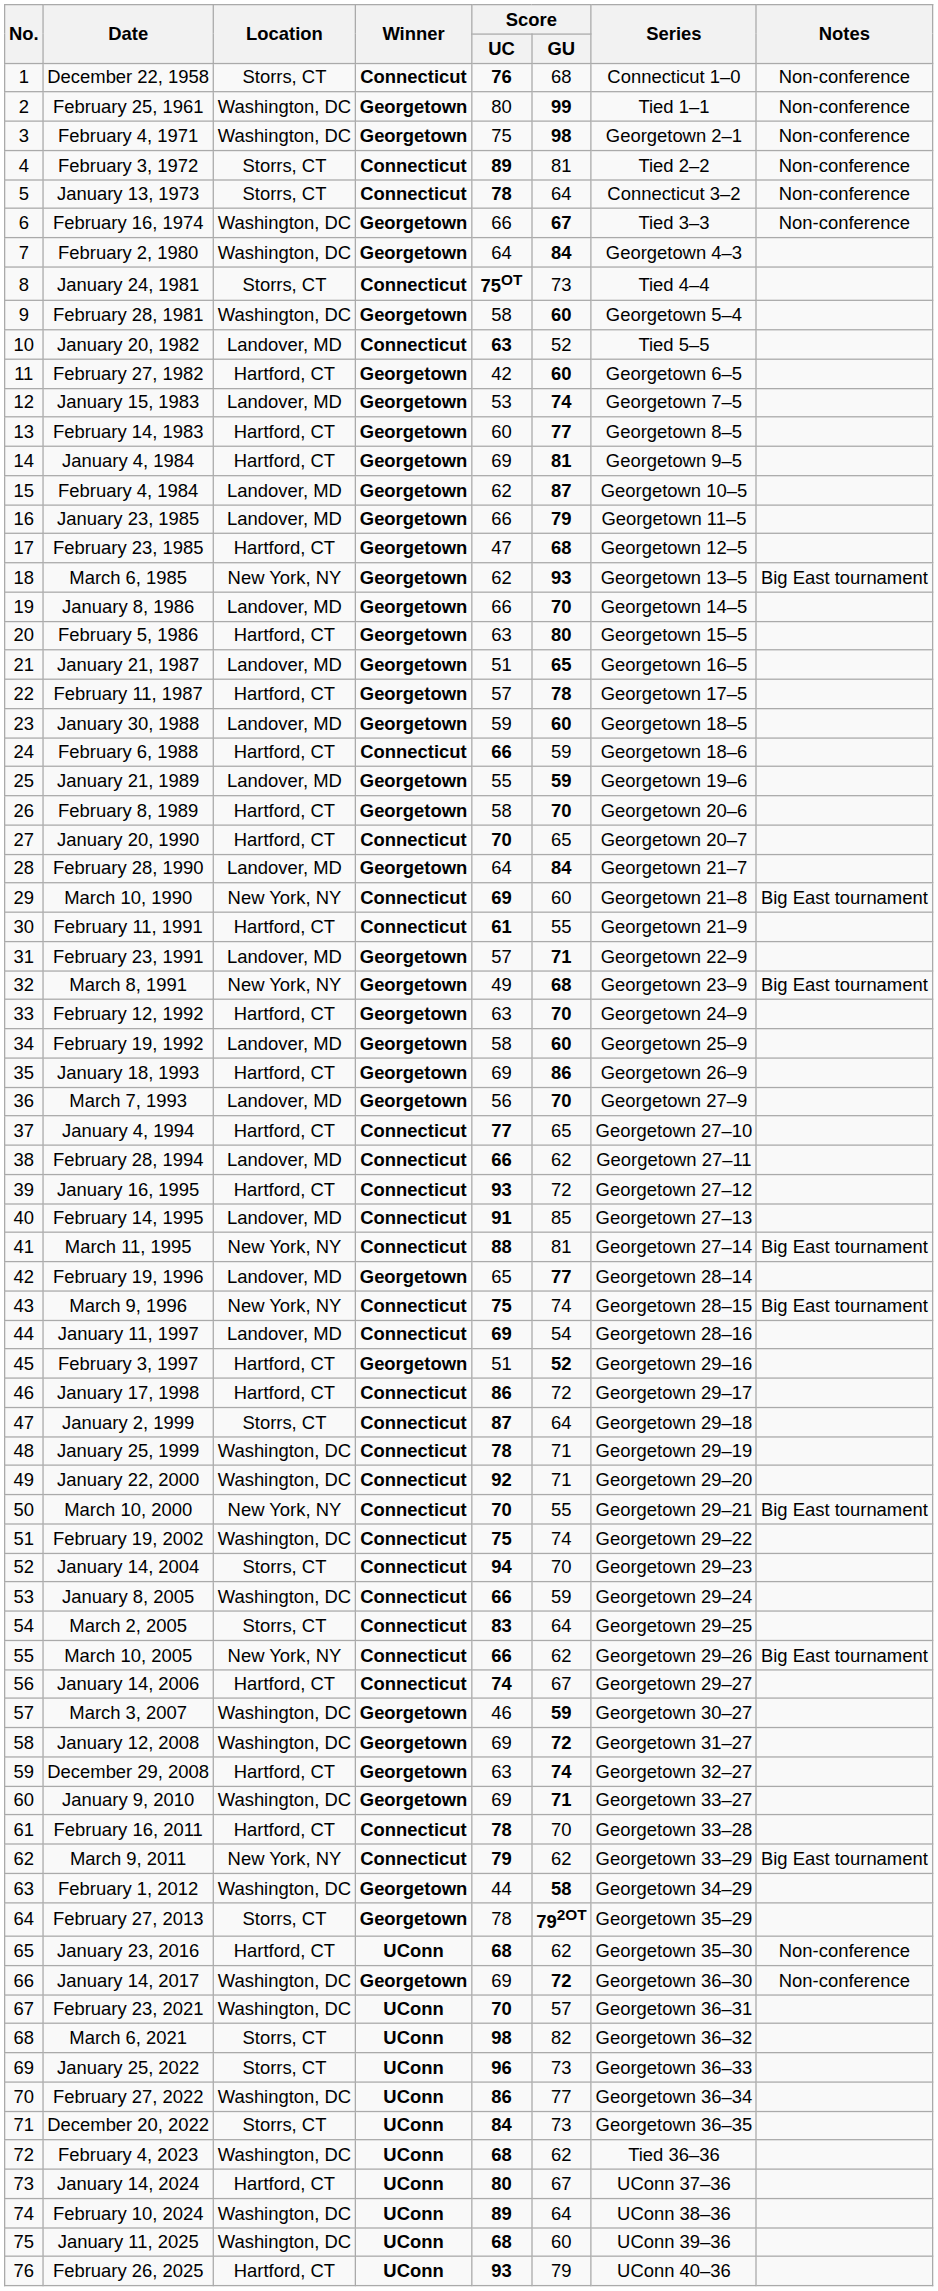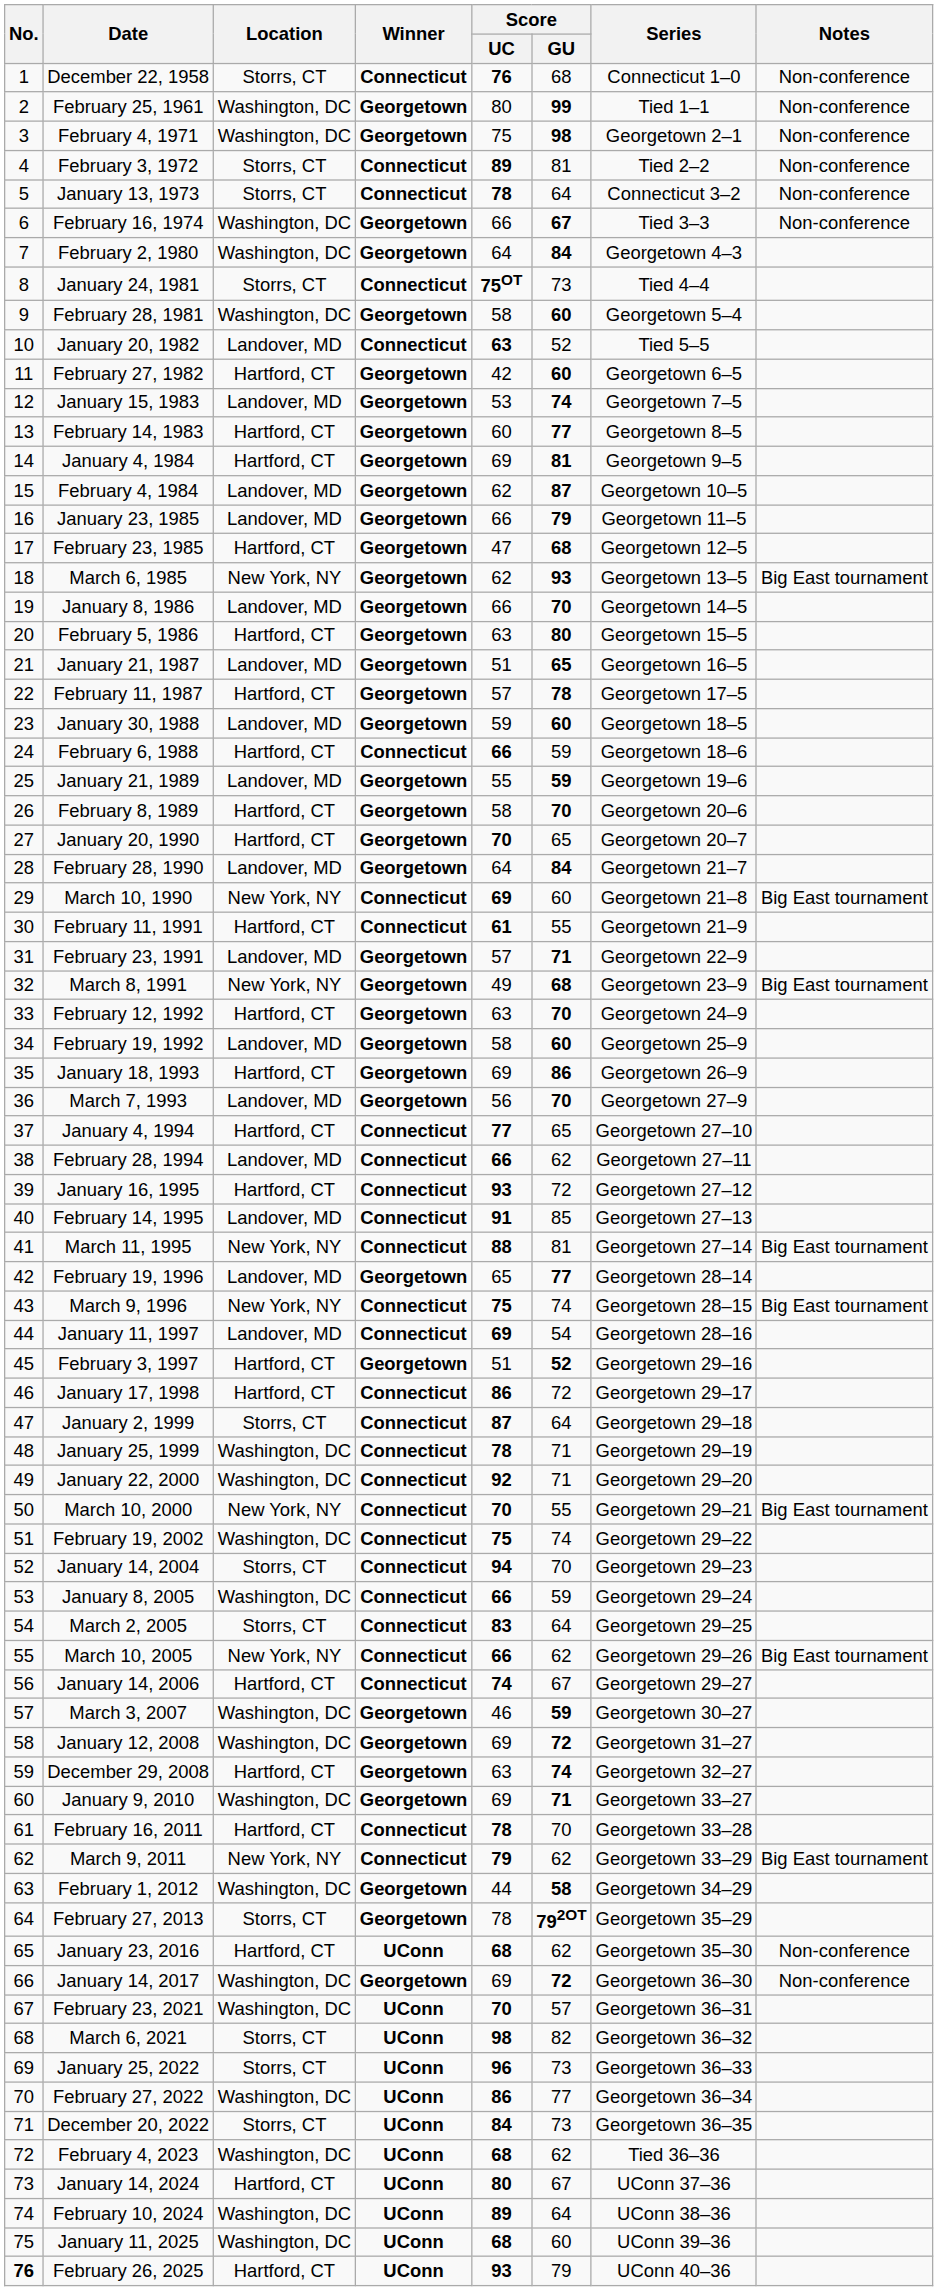 <table class="wikitable" style="text-align:center; font-size:90%">
 <tr>
 <th rowspan="2">No.</th>
 <th rowspan="2">Date</th>
 <th rowspan="2">Location</th>
 <th rowspan="2">Winner</th>
 <th colspan="2">Score</th>
 <th rowspan="2">Series</th>
 <th rowspan="2">Notes</th>
 </tr>
 <tr>
 <th width=40>UC</th>
 <th width=40>GU</th>
 </tr>
 <tr>
 <td>1</td>
 <td>December 22, 1958</td>
 <td>Storrs, CT</td>
 <td><strong>Connecticut</strong></td>
 <td><strong>76</strong></td>
 <td>68</td>
 <td>Connecticut 1–0</td>
 <td>Non-conference</td>
 </tr>
 <tr>
 <td>2</td>
 <td>February 25, 1961</td>
 <td>Washington, DC</td>
 <td><strong>Georgetown</strong></td>
 <td>80</td>
 <td><strong>99</strong></td>
 <td>Tied 1–1</td>
 <td>Non-conference</td>
 </tr>
 <tr>
 <td>3</td>
 <td>February 4, 1971</td>
 <td>Washington, DC</td>
 <td><strong>Georgetown</strong></td>
 <td>75</td>
 <td><strong>98</strong></td>
 <td>Georgetown 2–1</td>
 <td>Non-conference</td>
 </tr>
 <tr>
 <td>4</td>
 <td>February 3, 1972</td>
 <td>Storrs, CT</td>
 <td><strong>Connecticut</strong></td>
 <td><strong>89</strong></td>
 <td>81</td>
 <td>Tied 2–2</td>
 <td>Non-conference</td>
 </tr>
 <tr>
 <td>5</td>
 <td>January 13, 1973</td>
 <td>Storrs, CT</td>
 <td><strong>Connecticut</strong></td>
 <td><strong>78</strong></td>
 <td>64</td>
 <td>Connecticut 3–2</td>
 <td>Non-conference</td>
 </tr>
 <tr>
 <td>6</td>
 <td>February 16, 1974</td>
 <td>Washington, DC</td>
 <td><strong>Georgetown</strong></td>
 <td>66</td>
 <td><strong>67</strong></td>
 <td>Tied 3–3</td>
 <td>Non-conference</td>
 </tr>
 <tr>
 <td>7</td>
 <td>February 2, 1980</td>
 <td>Washington, DC</td>
 <td><strong>Georgetown</strong></td>
 <td>64</td>
 <td><strong>84</strong></td>
 <td>Georgetown 4–3</td>
 <td></td>
 </tr>
 <tr>
 <td>8</td>
 <td>January 24, 1981</td>
 <td>Storrs, CT</td>
 <td><strong>Connecticut</strong></td>
 <td><strong>75<sup>OT</sup></strong></td>
 <td>73</td>
 <td>Tied 4–4</td>
 <td></td>
 </tr>
 <tr>
 <td>9</td>
 <td>February 28, 1981</td>
 <td>Washington, DC</td>
 <td><strong>Georgetown</strong></td>
 <td>58</td>
 <td><strong>60</strong></td>
 <td>Georgetown 5–4</td>
 <td></td>
 </tr>
 <tr>
 <td>10</td>
 <td>January 20, 1982</td>
 <td>Landover, MD</td>
 <td><strong>Connecticut</strong></td>
 <td><strong>63</strong></td>
 <td>52</td>
 <td>Tied 5–5</td>
 <td></td>
 </tr>
 <tr>
 <td>11</td>
 <td>February 27, 1982</td>
 <td>Hartford, CT</td>
 <td><strong>Georgetown</strong></td>
 <td>42</td>
 <td><strong>60</strong></td>
 <td>Georgetown 6–5</td>
 <td></td>
 </tr>
 <tr>
 <td>12</td>
 <td>January 15, 1983</td>
 <td>Landover, MD</td>
 <td><strong>Georgetown</strong></td>
 <td>53</td>
 <td><strong>74</strong></td>
 <td>Georgetown 7–5</td>
 <td></td>
 </tr>
 <tr>
 <td>13</td>
 <td>February 14, 1983</td>
 <td>Hartford, CT</td>
 <td><strong>Georgetown</strong></td>
 <td>60</td>
 <td><strong>77</strong></td>
 <td>Georgetown 8–5</td>
 <td></td>
 </tr>
 <tr>
 <td>14</td>
 <td>January 4, 1984</td>
 <td>Hartford, CT</td>
 <td><strong>Georgetown</strong></td>
 <td>69</td>
 <td><strong>81</strong></td>
 <td>Georgetown 9–5</td>
 <td></td>
 </tr>
 <tr>
 <td>15</td>
 <td>February 4, 1984</td>
 <td>Landover, MD</td>
 <td><strong>Georgetown</strong></td>
 <td>62</td>
 <td><strong>87</strong></td>
 <td>Georgetown 10–5</td>
 <td></td>
 </tr>
 <tr>
 <td>16</td>
 <td>January 23, 1985</td>
 <td>Landover, MD</td>
 <td><strong>Georgetown</strong></td>
 <td>66</td>
 <td><strong>79</strong></td>
 <td>Georgetown 11–5</td>
 <td></td>
 </tr>
 <tr>
 <td>17</td>
 <td>February 23, 1985</td>
 <td>Hartford, CT</td>
 <td><strong>Georgetown</strong></td>
 <td>47</td>
 <td><strong>68</strong></td>
 <td>Georgetown 12–5</td>
 <td></td>
 </tr>
 <tr>
 <td>18</td>
 <td>March 6, 1985</td>
 <td>New York, NY</td>
 <td><strong>Georgetown</strong></td>
 <td>62</td>
 <td><strong>93</strong></td>
 <td>Georgetown 13–5</td>
 <td>Big East tournament</td>
 </tr>
 <tr>
 <td>19</td>
 <td>January 8, 1986</td>
 <td>Landover, MD</td>
 <td><strong>Georgetown</strong></td>
 <td>66</td>
 <td><strong>70</strong></td>
 <td>Georgetown 14–5</td>
 <td></td>
 </tr>
 <tr>
 <td>20</td>
 <td>February 5, 1986</td>
 <td>Hartford, CT</td>
 <td><strong>Georgetown</strong></td>
 <td>63</td>
 <td><strong>80</strong></td>
 <td>Georgetown 15–5</td>
 <td></td>
 </tr>
 <tr>
 <td>21</td>
 <td>January 21, 1987</td>
 <td>Landover, MD</td>
 <td><strong>Georgetown</strong></td>
 <td>51</td>
 <td><strong>65</strong></td>
 <td>Georgetown 16–5</td>
 <td></td>
 </tr>
 <tr>
 <td>22</td>
 <td>February 11, 1987</td>
 <td>Hartford, CT</td>
 <td><strong>Georgetown</strong></td>
 <td>57</td>
 <td><strong>78</strong></td>
 <td>Georgetown 17–5</td>
 <td></td>
 </tr>
 <tr>
 <td>23</td>
 <td>January 30, 1988</td>
 <td>Landover, MD</td>
 <td><strong>Georgetown</strong></td>
 <td>59</td>
 <td><strong>60</strong></td>
 <td>Georgetown 18–5</td>
 <td></td>
 </tr>
 <tr>
 <td>24</td>
 <td>February 6, 1988</td>
 <td>Hartford, CT</td>
 <td><strong>Connecticut</strong></td>
 <td><strong>66</strong></td>
 <td>59</td>
 <td>Georgetown 18–6</td>
 <td></td>
 </tr>
 <tr>
 <td>25</td>
 <td>January 21, 1989</td>
 <td>Landover, MD</td>
 <td><strong>Georgetown</strong></td>
 <td>55</td>
 <td><strong>59</strong></td>
 <td>Georgetown 19–6</td>
 <td></td>
 </tr>
 <tr>
 <td>26</td>
 <td>February 8, 1989</td>
 <td>Hartford, CT</td>
 <td><strong>Georgetown</strong></td>
 <td>58</td>
 <td><strong>70</strong></td>
 <td>Georgetown 20–6</td>
 <td></td>
 </tr>
 <tr>
 <td>27</td>
 <td>January 20, 1990</td>
 <td>Hartford, CT</td>
-<td><strong>Connecticut</strong></td>
+<td><strong>Georgetown</strong></td>
 <td><strong>70</strong></td>
 <td>65</td>
 <td>Georgetown 20–7</td>
 <td></td>
 </tr>
 <tr>
 <td>28</td>
 <td>February 28, 1990</td>
 <td>Landover, MD</td>
 <td><strong>Georgetown</strong></td>
 <td>64</td>
 <td><strong>84</strong></td>
 <td>Georgetown 21–7</td>
 <td></td>
 </tr>
 <tr>
 <td>29</td>
 <td>March 10, 1990</td>
 <td>New York, NY</td>
 <td><strong>Connecticut</strong></td>
 <td><strong>69</strong></td>
 <td>60</td>
 <td>Georgetown 21–8</td>
 <td>Big East tournament</td>
 </tr>
 <tr>
 <td>30</td>
 <td>February 11, 1991</td>
 <td>Hartford, CT</td>
 <td><strong>Connecticut</strong></td>
 <td><strong>61</strong></td>
 <td>55</td>
 <td>Georgetown 21–9</td>
 <td></td>
 </tr>
 <tr>
 <td>31</td>
 <td>February 23, 1991</td>
 <td>Landover, MD</td>
 <td><strong>Georgetown</strong></td>
 <td>57</td>
 <td><strong>71</strong></td>
 <td>Georgetown 22–9</td>
 <td></td>
 </tr>
 <tr>
 <td>32</td>
 <td>March 8, 1991</td>
 <td>New York, NY</td>
 <td><strong>Georgetown</strong></td>
 <td>49</td>
 <td><strong>68</strong></td>
 <td>Georgetown 23–9</td>
 <td>Big East tournament</td>
 </tr>
 <tr>
 <td>33</td>
 <td>February 12, 1992</td>
 <td>Hartford, CT</td>
 <td><strong>Georgetown</strong></td>
 <td>63</td>
 <td><strong>70</strong></td>
 <td>Georgetown 24–9</td>
 <td></td>
 </tr>
 <tr>
 <td>34</td>
 <td>February 19, 1992</td>
 <td>Landover, MD</td>
 <td><strong>Georgetown</strong></td>
 <td>58</td>
 <td><strong>60</strong></td>
 <td>Georgetown 25–9</td>
 <td></td>
 </tr>
 <tr>
 <td>35</td>
 <td>January 18, 1993</td>
 <td>Hartford, CT</td>
 <td><strong>Georgetown</strong></td>
 <td>69</td>
 <td><strong>86</strong></td>
 <td>Georgetown 26–9</td>
 <td></td>
 </tr>
 <tr>
 <td>36</td>
 <td>March 7, 1993</td>
 <td>Landover, MD</td>
 <td><strong>Georgetown</strong></td>
 <td>56</td>
 <td><strong>70</strong></td>
 <td>Georgetown 27–9</td>
 <td></td>
 </tr>
 <tr>
 <td>37</td>
 <td>January 4, 1994</td>
 <td>Hartford, CT</td>
 <td><strong>Connecticut</strong></td>
 <td><strong>77</strong></td>
 <td>65</td>
 <td>Georgetown 27–10</td>
 <td></td>
 </tr>
 <tr>
 <td>38</td>
 <td>February 28, 1994</td>
 <td>Landover, MD</td>
 <td><strong>Connecticut</strong></td>
 <td><strong>66</strong></td>
 <td>62</td>
 <td>Georgetown 27–11</td>
 <td></td>
 </tr>
 <tr>
 <td>39</td>
 <td>January 16, 1995</td>
 <td>Hartford, CT</td>
 <td><strong>Connecticut</strong></td>
 <td><strong>93</strong></td>
 <td>72</td>
 <td>Georgetown 27–12</td>
 <td></td>
 </tr>
 <tr>
 <td>40</td>
 <td>February 14, 1995</td>
 <td>Landover, MD</td>
 <td><strong>Connecticut</strong></td>
 <td><strong>91</strong></td>
 <td>85</td>
 <td>Georgetown 27–13</td>
 <td></td>
 </tr>
 <tr>
 <td>41</td>
 <td>March 11, 1995</td>
 <td>New York, NY</td>
 <td><strong>Connecticut</strong></td>
 <td><strong>88</strong></td>
 <td>81</td>
 <td>Georgetown 27–14</td>
 <td>Big East tournament</td>
 </tr>
 <tr>
 <td>42</td>
 <td>February 19, 1996</td>
 <td>Landover, MD</td>
 <td><strong>Georgetown</strong></td>
 <td>65</td>
 <td><strong>77</strong></td>
 <td>Georgetown 28–14</td>
 <td></td>
 </tr>
 <tr>
 <td>43</td>
 <td>March 9, 1996</td>
 <td>New York, NY</td>
 <td><strong>Connecticut</strong></td>
 <td><strong>75</strong></td>
 <td>74</td>
 <td>Georgetown 28–15</td>
 <td>Big East tournament</td>
 </tr>
 <tr>
 <td>44</td>
 <td>January 11, 1997</td>
 <td>Landover, MD</td>
 <td><strong>Connecticut</strong></td>
 <td><strong>69</strong></td>
 <td>54</td>
 <td>Georgetown 28–16</td>
 <td></td>
 </tr>
 <tr>
 <td>45</td>
 <td>February 3, 1997</td>
 <td>Hartford, CT</td>
 <td><strong>Georgetown</strong></td>
 <td>51</td>
 <td><strong>52</strong></td>
 <td>Georgetown 29–16</td>
 <td></td>
 </tr>
 <tr>
 <td>46</td>
 <td>January 17, 1998</td>
 <td>Hartford, CT</td>
 <td><strong>Connecticut</strong></td>
 <td><strong>86</strong></td>
 <td>72</td>
 <td>Georgetown 29–17</td>
 <td></td>
 </tr>
 <tr>
 <td>47</td>
 <td>January 2, 1999</td>
 <td>Storrs, CT</td>
 <td><strong>Connecticut</strong></td>
 <td><strong>87</strong></td>
 <td>64</td>
 <td>Georgetown 29–18</td>
 <td></td>
 </tr>
 <tr>
 <td>48</td>
 <td>January 25, 1999</td>
 <td>Washington, DC</td>
 <td><strong>Connecticut</strong></td>
 <td><strong>78</strong></td>
 <td>71</td>
 <td>Georgetown 29–19</td>
 <td></td>
 </tr>
 <tr>
 <td>49</td>
 <td>January 22, 2000</td>
 <td>Washington, DC</td>
 <td><strong>Connecticut</strong></td>
 <td><strong>92</strong></td>
 <td>71</td>
 <td>Georgetown 29–20</td>
 <td></td>
 </tr>
 <tr>
 <td>50</td>
 <td>March 10, 2000</td>
 <td>New York, NY</td>
 <td><strong>Connecticut</strong></td>
 <td><strong>70</strong></td>
 <td>55</td>
 <td>Georgetown 29–21</td>
 <td>Big East tournament</td>
 </tr>
 <tr>
 <td>51</td>
 <td>February 19, 2002</td>
 <td>Washington, DC</td>
 <td><strong>Connecticut</strong></td>
 <td><strong>75</strong></td>
 <td>74</td>
 <td>Georgetown 29–22</td>
 <td></td>
 </tr>
 <tr>
 <td>52</td>
 <td>January 14, 2004</td>
 <td>Storrs, CT</td>
 <td><strong>Connecticut</strong></td>
 <td><strong>94</strong></td>
 <td>70</td>
 <td>Georgetown 29–23</td>
 <td></td>
 </tr>
 <tr>
 <td>53</td>
 <td>January 8, 2005</td>
 <td>Washington, DC</td>
 <td><strong>Connecticut</strong></td>
 <td><strong>66</strong></td>
 <td>59</td>
 <td>Georgetown 29–24</td>
 <td></td>
 </tr>
 <tr>
 <td>54</td>
 <td>March 2, 2005</td>
 <td>Storrs, CT</td>
 <td><strong>Connecticut</strong></td>
 <td><strong>83</strong></td>
 <td>64</td>
 <td>Georgetown 29–25</td>
 <td></td>
 </tr>
 <tr>
 <td>55</td>
 <td>March 10, 2005</td>
 <td>New York, NY</td>
 <td><strong>Connecticut</strong></td>
 <td><strong>66</strong></td>
 <td>62</td>
 <td>Georgetown 29–26</td>
 <td>Big East tournament</td>
 </tr>
 <tr>
 <td>56</td>
 <td>January 14, 2006</td>
 <td>Hartford, CT</td>
 <td><strong>Connecticut</strong></td>
 <td><strong>74</strong></td>
 <td>67</td>
 <td>Georgetown 29–27</td>
 <td></td>
 </tr>
 <tr>
 <td>57</td>
 <td>March 3, 2007</td>
 <td>Washington, DC</td>
 <td><strong>Georgetown</strong></td>
 <td>46</td>
 <td><strong>59</strong></td>
 <td>Georgetown 30–27</td>
 <td></td>
 </tr>
 <tr>
 <td>58</td>
 <td>January 12, 2008</td>
 <td>Washington, DC</td>
 <td><strong>Georgetown</strong></td>
 <td>69</td>
 <td><strong>72</strong></td>
 <td>Georgetown 31–27</td>
 <td></td>
 </tr>
 <tr>
 <td>59</td>
 <td>December 29, 2008</td>
 <td>Hartford, CT</td>
 <td><strong>Georgetown</strong></td>
 <td>63</td>
 <td><strong>74</strong></td>
 <td>Georgetown 32–27</td>
 <td></td>
 </tr>
 <tr>
 <td>60</td>
 <td>January 9, 2010</td>
 <td>Washington, DC</td>
 <td><strong>Georgetown</strong></td>
 <td>69</td>
 <td><strong>71</strong></td>
 <td>Georgetown 33–27</td>
 <td></td>
 </tr>
 <tr>
 <td>61</td>
 <td>February 16, 2011</td>
 <td>Hartford, CT</td>
 <td><strong>Connecticut</strong></td>
 <td><strong>78</strong></td>
 <td>70</td>
 <td>Georgetown 33–28</td>
 <td></td>
 </tr>
 <tr>
 <td>62</td>
 <td>March 9, 2011</td>
 <td>New York, NY</td>
 <td><strong>Connecticut</strong></td>
 <td><strong>79</strong></td>
 <td>62</td>
 <td>Georgetown 33–29</td>
 <td>Big East tournament</td>
 </tr>
 <tr>
 <td>63</td>
 <td>February 1, 2012</td>
 <td>Washington, DC</td>
 <td><strong>Georgetown</strong></td>
 <td>44</td>
 <td><strong>58</strong></td>
 <td>Georgetown 34–29</td>
 <td></td>
 </tr>
 <tr>
 <td>64</td>
 <td>February 27, 2013</td>
 <td>Storrs, CT</td>
 <td><strong>Georgetown</strong></td>
 <td>78</td>
 <td><strong>79<sup>2OT</sup></strong></td>
 <td>Georgetown 35–29</td>
 <td></td>
 </tr>
 <tr>
 <td>65</td>
 <td>January 23, 2016</td>
 <td>Hartford, CT</td>
 <td><strong>UConn</strong></td>
 <td><strong>68</strong></td>
 <td>62</td>
 <td>Georgetown 35–30</td>
 <td>Non-conference</td>
 </tr>
 <tr>
 <td>66</td>
 <td>January 14, 2017</td>
 <td>Washington, DC</td>
 <td><strong>Georgetown</strong></td>
 <td>69</td>
 <td><strong>72</strong></td>
 <td>Georgetown 36–30</td>
 <td>Non-conference</td>
 </tr>
 <tr>
 <td>67</td>
 <td>February 23, 2021</td>
 <td>Washington, DC</td>
 <td><strong>UConn</strong></td>
 <td><strong>70</strong></td>
 <td>57</td>
 <td>Georgetown 36–31</td>
 <td></td>
 </tr>
 <tr>
 <td>68</td>
 <td>March 6, 2021</td>
 <td>Storrs, CT</td>
 <td><strong>UConn</strong></td>
 <td><strong>98</strong></td>
 <td>82</td>
 <td>Georgetown 36–32</td>
 <td></td>
 </tr>
 <tr>
 <td>69</td>
 <td>January 25, 2022</td>
 <td>Storrs, CT</td>
 <td><strong>UConn</strong></td>
 <td><strong>96</strong></td>
 <td>73</td>
 <td>Georgetown 36–33</td>
 <td></td>
 </tr>
 <tr>
 <td>70</td>
 <td>February 27, 2022</td>
 <td>Washington, DC</td>
 <td><strong>UConn</strong></td>
 <td><strong>86</strong></td>
 <td>77</td>
 <td>Georgetown 36–34</td>
 <td></td>
 </tr>
 <tr>
 <td>71</td>
 <td>December 20, 2022</td>
 <td>Storrs, CT</td>
 <td><strong>UConn</strong></td>
 <td><strong>84</strong></td>
 <td>73</td>
 <td>Georgetown 36–35</td>
 <td></td>
 </tr>
 <tr>
 <td>72</td>
 <td>February 4, 2023</td>
 <td>Washington, DC</td>
 <td><strong>UConn</strong></td>
 <td><strong>68</strong></td>
 <td>62</td>
 <td>Tied 36–36</td>
 <td></td>
 </tr>
 <tr>
 <td>73</td>
 <td>January 14, 2024</td>
 <td>Hartford, CT</td>
 <td><strong>UConn</strong></td>
 <td><strong>80</strong></td>
 <td>67</td>
 <td>UConn 37–36</td>
 <td></td>
 </tr>
 <tr>
 <td>74</td>
 <td>February 10, 2024</td>
 <td>Washington, DC</td>
 <td><strong>UConn</strong></td>
 <td><strong>89</strong></td>
 <td>64</td>
 <td>UConn 38–36</td>
 <td></td>
 </tr>
 <tr>
 <td>75</td>
 <td>January 11, 2025</td>
 <td>Washington, DC</td>
 <td><strong>UConn</strong></td>
 <td><strong>68</strong></td>
 <td>60</td>
 <td>UConn 39–36</td>
 <td></td>
 </tr>
 <tr>
-<td>76</td>
+<td><strong>76</strong></td>
 <td>February 26, 2025</td>
 <td>Hartford, CT</td>
 <td><strong>UConn</strong></td>
 <td><strong>93</strong></td>
 <td>79</td>
 <td>UConn 40–36</td>
 <td></td>
 </tr>
 </table>
